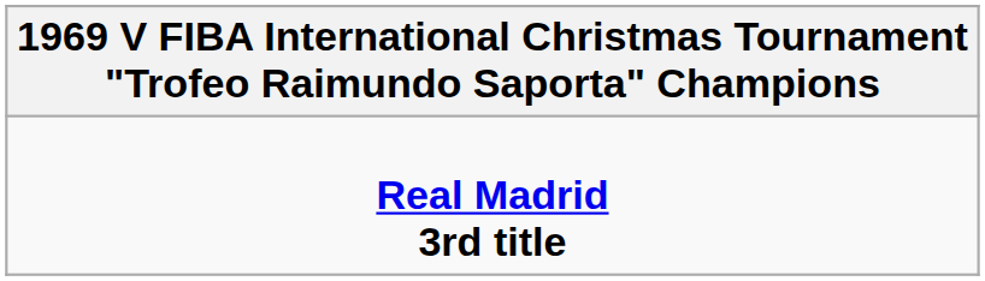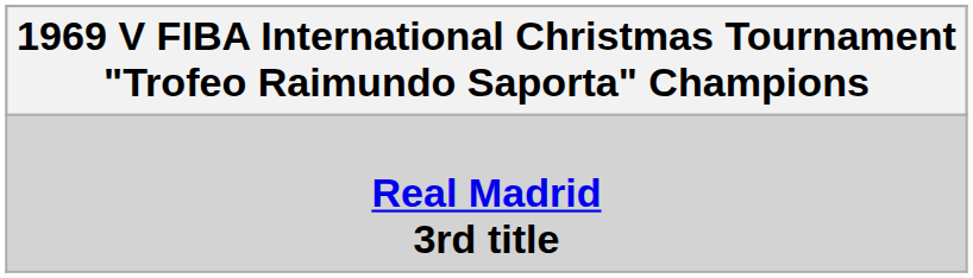 <table class=wikitable style="text-align:center; margin:auto">
 <tr>
 <th>1969 V FIBA International Christmas Tournament<br>"Trofeo Raimundo Saporta" Champions</th>
 </tr>
 <tr>
-<td><br><strong><a href='#'>Real Madrid</a></strong><br><strong>3rd title</strong></td>
+<td style="background: lightgrey;"><br><strong><a href='#'>Real Madrid</a></strong><br><strong>3rd title</strong></td>
 </tr>
 </table>
